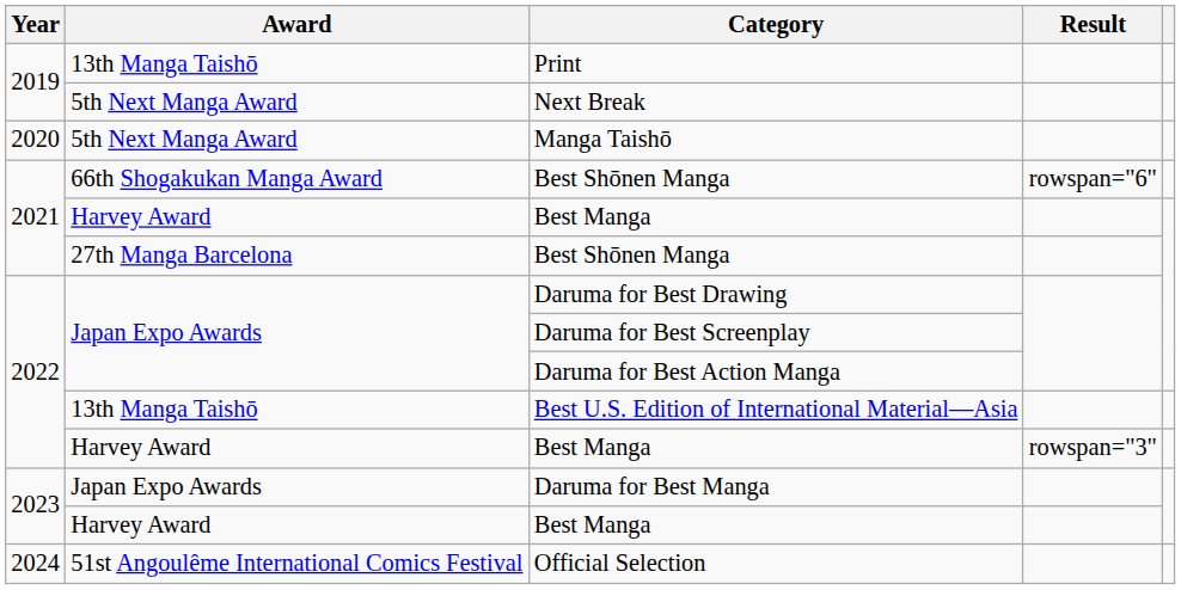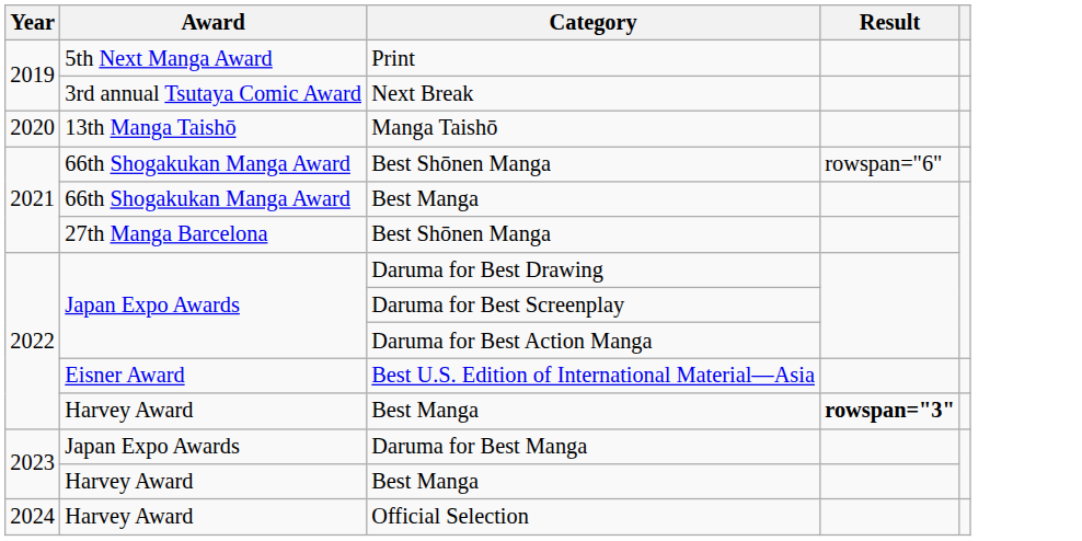 <table class="wikitable plainrowheaders sortable">
 <tr>
 <th scope="col">Year</th>
 <th scope="col">Award</th>
 <th scope="col">Category</th>
 <th scope="col">Result</th>
 <th scope="col" class="unsortable"></th>
 </tr>
 <tr>
 <td rowspan="2" align="center">2019</td>
-<td>13th <a href='#'>Manga Taishō</a></td>
+<td>5th <a href='#'>Next Manga Award</a></td>
 <td>Print</td>
 <td></td>
 <td style="text-align:center;"></td>
 </tr>
 <tr>
-<td>5th <a href='#'>Next Manga Award</a></td>
+<td>3rd annual <a href='#'>Tsutaya Comic Award</a></td>
 <td>Next Break</td>
 <td></td>
 <td style="text-align:center;"></td>
 </tr>
 <tr>
 <td align="center">2020</td>
-<td>5th <a href='#'>Next Manga Award</a></td>
+<td>13th <a href='#'>Manga Taishō</a></td>
 <td>Manga Taishō</td>
 <td></td>
 <td style="text-align:center;"></td>
 </tr>
 <tr>
 <td rowspan="3" align="center">2021</td>
 <td>66th <a href='#'>Shogakukan Manga Award</a></td>
 <td>Best Shōnen Manga</td>
 <td>rowspan="6" </td>
 <td style="text-align:center;"></td>
 </tr>
 <tr>
-<td><a href='#'>Harvey Award</a></td>
+<td>66th <a href='#'>Shogakukan Manga Award</a></td>
 <td>Best Manga</td>
 <td style="text-align:center;"></td>
 </tr>
 <tr>
 <td>27th <a href='#'>Manga Barcelona</a></td>
 <td>Best Shōnen Manga</td>
 <td style="text-align:center;"></td>
 </tr>
 <tr>
 <td rowspan="5" align="center">2022</td>
 <td rowspan="3"><a href='#'>Japan Expo Awards</a></td>
 <td>Daruma for Best Drawing</td>
 <td rowspan="3" style="text-align:center;"></td>
 </tr>
 <tr>
 <td>Daruma for Best Screenplay</td>
 </tr>
 <tr>
 <td>Daruma for Best Action Manga</td>
 </tr>
 <tr>
-<td>13th <a href='#'>Manga Taishō</a></td>
+<td><a href='#'>Eisner Award</a></td>
 <td><a href='#'>Best U.S. Edition of International Material—Asia</a></td>
 <td></td>
 <td style="text-align:center;"></td>
 </tr>
 <tr>
 <td>Harvey Award</td>
 <td>Best Manga</td>
-<td>rowspan="3" </td>
+<td><strong>rowspan="3" </strong></td>
 <td style="text-align:center;"></td>
 </tr>
 <tr>
 <td rowspan="2" align="center">2023</td>
 <td>Japan Expo Awards</td>
 <td>Daruma for Best Manga</td>
 <td style="text-align:center;"></td>
 </tr>
 <tr>
 <td>Harvey Award</td>
 <td>Best Manga</td>
 <td style="text-align:center;"></td>
 </tr>
 <tr>
 <td align="center">2024</td>
-<td>51st <a href='#'>Angoulême International Comics Festival</a></td>
+<td>Harvey Award</td>
 <td>Official Selection</td>
 <td></td>
 <td style="text-align:center;"></td>
 </tr>
 </table>
